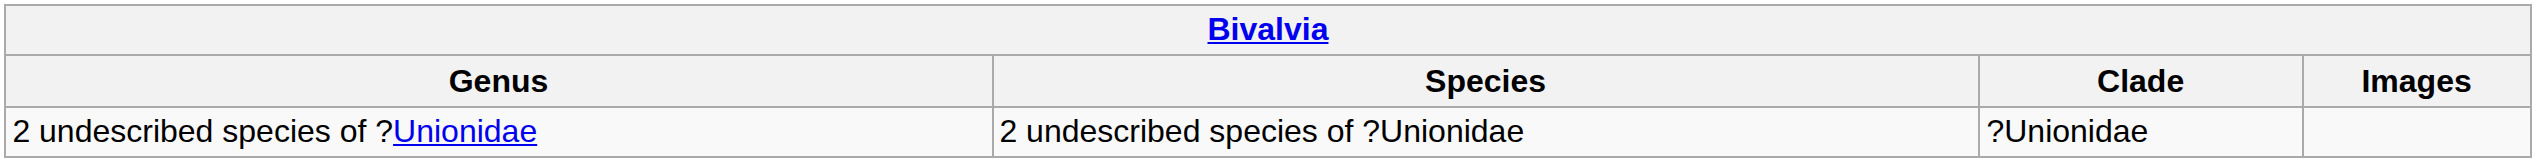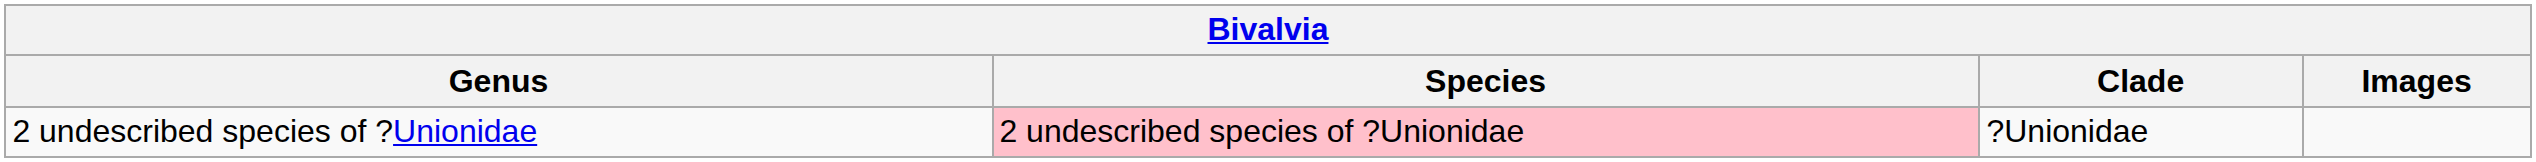 <table class="wikitable" align="center" width="100%">
 <tr>
 <th colspan="4" align="center"><strong><a href='#'>Bivalvia</a></strong></th>
 </tr>
 <tr>
 <th>Genus</th>
 <th>Species</th>
 <th>Clade</th>
 <th>Images</th>
 </tr>
 <tr>
 <td>2 undescribed species of ?<a href='#'>Unionidae</a></td>
-<td>2 undescribed species of ?Unionidae</td>
+<td style="background: pink;">2 undescribed species of ?Unionidae</td>
 <td>?Unionidae</td>
 <td></td>
 </tr>
 <tr>
 </tr>
 </table>
